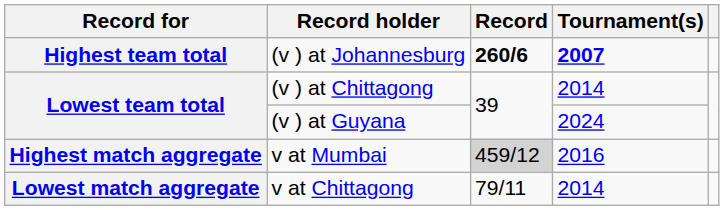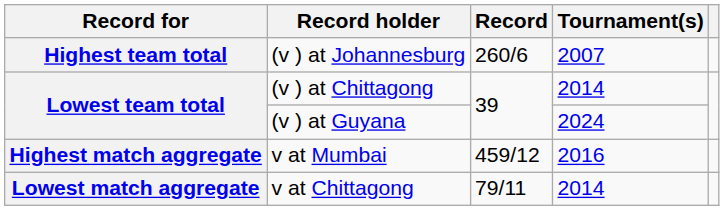 <table class="wikitable plainrowheaders">
 <tr>
 <th scope="col">Record for</th>
 <th scope="col">Record holder</th>
 <th scope="col">Record</th>
 <th scope="col">Tournament(s)</th>
 <th scope="col"></th>
 </tr>
 <tr>
 <th scope="row"><a href='#'>Highest team total</a></th>
 <td> (v ) at <a href='#'>Johannesburg</a></td>
-<td><strong>260/6</strong></td>
-<td><strong><a href='#'>2007</a></strong></td>
+<td>260/6</td>
+<td><a href='#'>2007</a></td>
 <td></td>
 </tr>
 <tr>
 <th scope="rowgroup" rowspan=2><a href='#'>Lowest team total</a></th>
 <td> (v ) at <a href='#'>Chittagong</a></td>
 <td rowspan=2>39</td>
 <td><a href='#'>2014</a></td>
 <td rowspan=2></td>
 </tr>
 <tr>
 <td> (v ) at <a href='#'>Guyana</a></td>
 <td><a href='#'>2024</a></td>
 </tr>
 <tr>
 <th scope="row"><a href='#'>Highest match aggregate</a></th>
 <td> v  at <a href='#'>Mumbai</a></td>
-<td style="background: lightgrey;">459/12</td>
+<td>459/12</td>
 <td><a href='#'>2016</a></td>
 <td></td>
 </tr>
 <tr>
 <th scope="row"><a href='#'>Lowest match aggregate</a></th>
 <td> v  at <a href='#'>Chittagong</a></td>
 <td>79/11</td>
 <td><a href='#'>2014</a></td>
 <td></td>
 </tr>
 </table>
